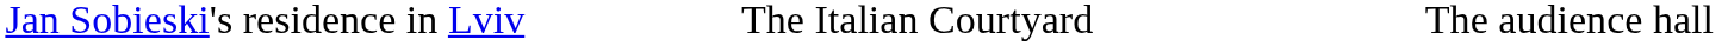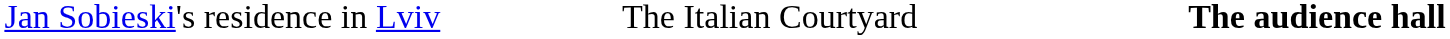 <table class="graytable">
 <tr>
 <td width="29%"></td>
 <td width="5%"></td>
 <td width="32%"></td>
 <td width="5%"></td>
 <td></td>
 </tr>
 <tr>
 <td align="center"><a href='#'>Jan Sobieski</a>'s residence in <a href='#'>Lviv</a></td>
 <td></td>
 <td align="center">The Italian Courtyard</td>
 <td></td>
-<td align="center">The audience hall</td>
+<td align="center"><strong>The audience hall</strong></td>
 </tr>
 </table>
